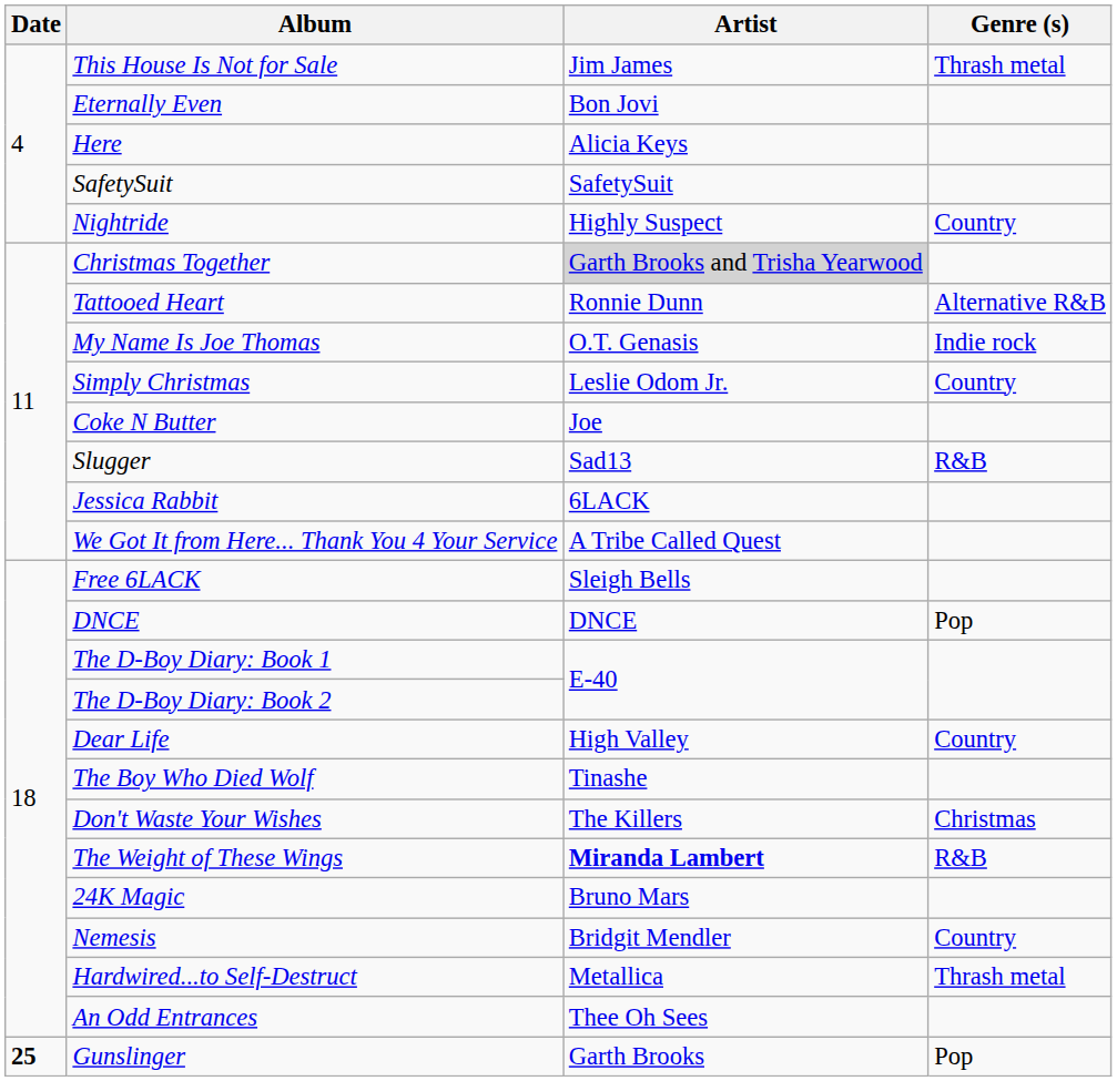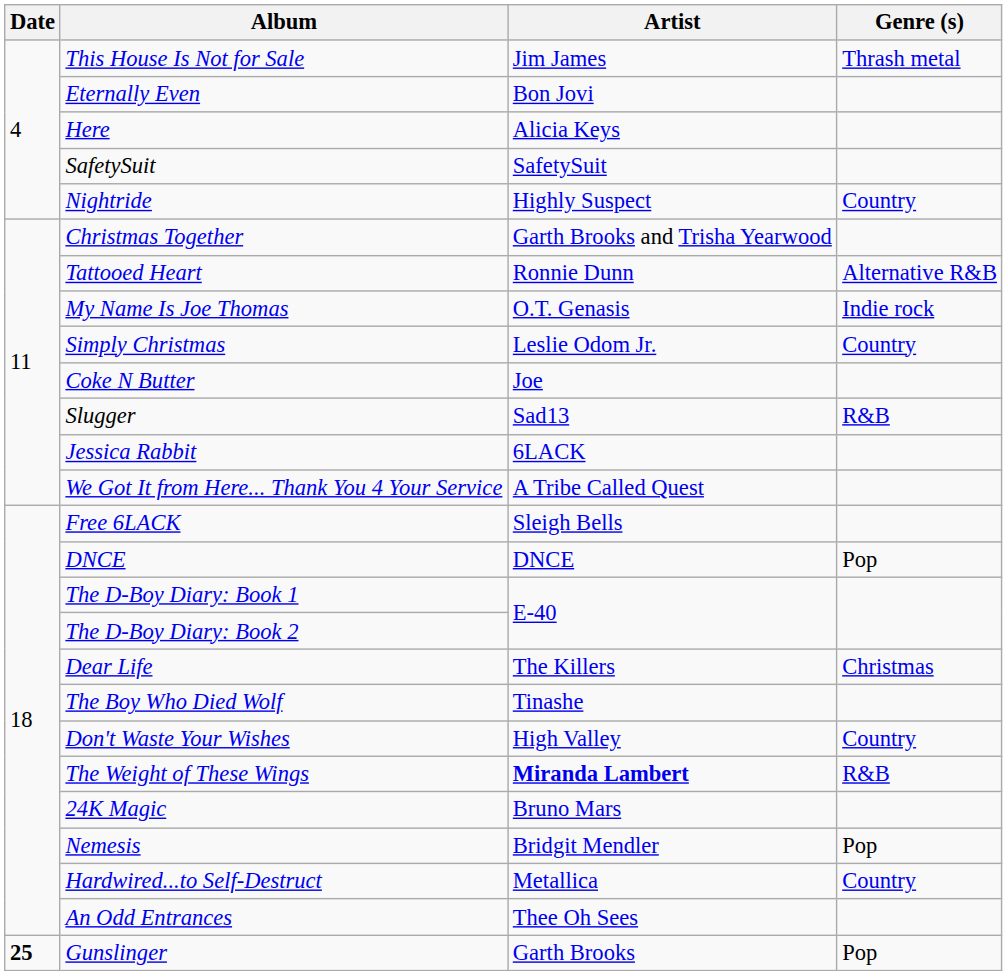 <table class="wikitable" style="text:align:">
 <tr>
 <th>Date</th>
 <th>Album</th>
 <th>Artist</th>
 <th>Genre (s)</th>
 </tr>
 <tr>
 <td rowspan="5">4</td>
 <td><em><a href='#'>This House Is Not for Sale</a></em></td>
 <td><a href='#'>Jim James</a></td>
 <td><a href='#'>Thrash metal</a></td>
 </tr>
 <tr>
 <td><em><a href='#'>Eternally Even</a></em></td>
 <td><a href='#'>Bon Jovi</a></td>
 <td></td>
 </tr>
 <tr>
 <td><em><a href='#'>Here</a></em></td>
 <td><a href='#'>Alicia Keys</a></td>
 <td></td>
 </tr>
 <tr>
 <td><em>SafetySuit</em></td>
 <td><a href='#'>SafetySuit</a></td>
 <td></td>
 </tr>
 <tr>
 <td><em><a href='#'>Nightride</a></em></td>
 <td><a href='#'>Highly Suspect</a></td>
 <td><a href='#'>Country</a></td>
 </tr>
 <tr>
 <td rowspan="8">11</td>
 <td><em><a href='#'>Christmas Together</a></em></td>
-<td style="background: lightgrey;"><a href='#'>Garth Brooks</a> and <a href='#'>Trisha Yearwood</a></td>
+<td><a href='#'>Garth Brooks</a> and <a href='#'>Trisha Yearwood</a></td>
 <td></td>
 </tr>
 <tr>
 <td><em><a href='#'>Tattooed Heart</a></em></td>
 <td><a href='#'>Ronnie Dunn</a></td>
 <td><a href='#'>Alternative R&B</a></td>
 </tr>
 <tr>
 <td><em><a href='#'>My Name Is Joe Thomas</a></em></td>
 <td><a href='#'>O.T. Genasis</a></td>
 <td><a href='#'>Indie rock</a></td>
 </tr>
 <tr>
 <td><em><a href='#'>Simply Christmas</a></em></td>
 <td><a href='#'>Leslie Odom Jr.</a></td>
 <td><a href='#'>Country</a></td>
 </tr>
 <tr>
 <td><em><a href='#'>Coke N Butter</a></em></td>
 <td><a href='#'>Joe</a></td>
 <td></td>
 </tr>
 <tr>
 <td><em>Slugger</em></td>
 <td><a href='#'>Sad13</a></td>
 <td><a href='#'>R&B</a></td>
 </tr>
 <tr>
 <td><em><a href='#'>Jessica Rabbit</a></em></td>
 <td><a href='#'>6LACK</a></td>
 <td></td>
 </tr>
 <tr>
 <td><em><a href='#'>We Got It from Here... Thank You 4 Your Service</a></em></td>
 <td><a href='#'>A Tribe Called Quest</a></td>
 <td></td>
 </tr>
 <tr>
 <td rowspan="12">18</td>
 <td><em><a href='#'>Free 6LACK</a></em></td>
 <td><a href='#'>Sleigh Bells</a></td>
 <td></td>
 </tr>
 <tr>
 <td><em><a href='#'>DNCE</a></em></td>
 <td><a href='#'>DNCE</a></td>
 <td>Pop</td>
 </tr>
 <tr>
 <td><em><a href='#'>The D-Boy Diary: Book 1</a></em></td>
 <td rowspan="2"><a href='#'>E-40</a></td>
 <td rowspan="2"></td>
 </tr>
 <tr>
 <td><em><a href='#'>The D-Boy Diary: Book 2</a></em></td>
 </tr>
 <tr>
 <td><em><a href='#'>Dear Life</a></em></td>
-<td><a href='#'>High Valley</a></td>
-<td><a href='#'>Country</a></td>
+<td><a href='#'>The Killers</a></td>
+<td><a href='#'>Christmas</a></td>
 </tr>
 <tr>
 <td><em><a href='#'>The Boy Who Died Wolf</a></em></td>
 <td><a href='#'>Tinashe</a></td>
 <td></td>
 </tr>
 <tr>
 <td><em><a href='#'>Don't Waste Your Wishes</a></em></td>
-<td><a href='#'>The Killers</a></td>
-<td><a href='#'>Christmas</a></td>
+<td><a href='#'>High Valley</a></td>
+<td><a href='#'>Country</a></td>
 </tr>
 <tr>
 <td><em><a href='#'>The Weight of These Wings</a></em></td>
 <td><strong><a href='#'>Miranda Lambert</a></strong></td>
 <td><a href='#'>R&B</a></td>
 </tr>
 <tr>
 <td><em><a href='#'>24K Magic</a></em></td>
 <td><a href='#'>Bruno Mars</a></td>
 <td></td>
 </tr>
 <tr>
 <td><em><a href='#'>Nemesis</a></em></td>
 <td><a href='#'>Bridgit Mendler</a></td>
-<td><a href='#'>Country</a></td>
+<td>Pop</td>
 </tr>
 <tr>
 <td><em><a href='#'>Hardwired...to Self-Destruct</a></em></td>
 <td><a href='#'>Metallica</a></td>
-<td><a href='#'>Thrash metal</a></td>
+<td><a href='#'>Country</a></td>
 </tr>
 <tr>
 <td><em><a href='#'>An Odd Entrances</a></em></td>
 <td><a href='#'>Thee Oh Sees</a></td>
 <td></td>
 </tr>
 <tr>
 <td><strong>25</strong></td>
 <td><em><a href='#'>Gunslinger</a></em></td>
 <td><a href='#'>Garth Brooks</a></td>
 <td>Pop</td>
 </tr>
 </table>
